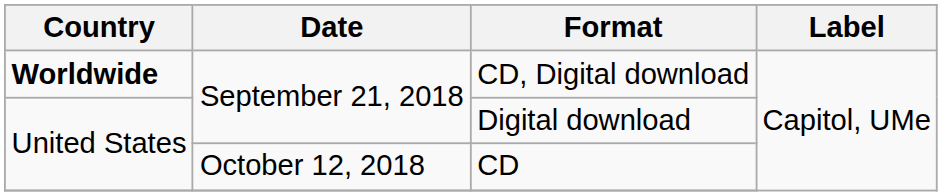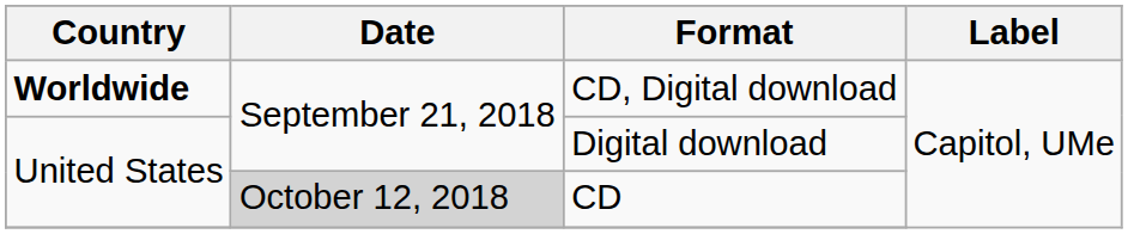 <table class="wikitable">
 <tr>
 <th>Country</th>
 <th>Date</th>
 <th>Format</th>
 <th>Label</th>
 </tr>
 <tr>
 <td><strong>Worldwide<br></strong></td>
 <td rowspan = "2">September 21, 2018</td>
 <td>CD, Digital download</td>
 <td rowspan = "4">Capitol, UMe</td>
 </tr>
 <tr>
 <td rowspan = "2">United States</td>
 <td>Digital download</td>
 </tr>
 <tr>
-<td>October 12, 2018</td>
+<td style="background: lightgrey;">October 12, 2018</td>
 <td>CD</td>
 </tr>
 <tr>
 </tr>
 </table>
